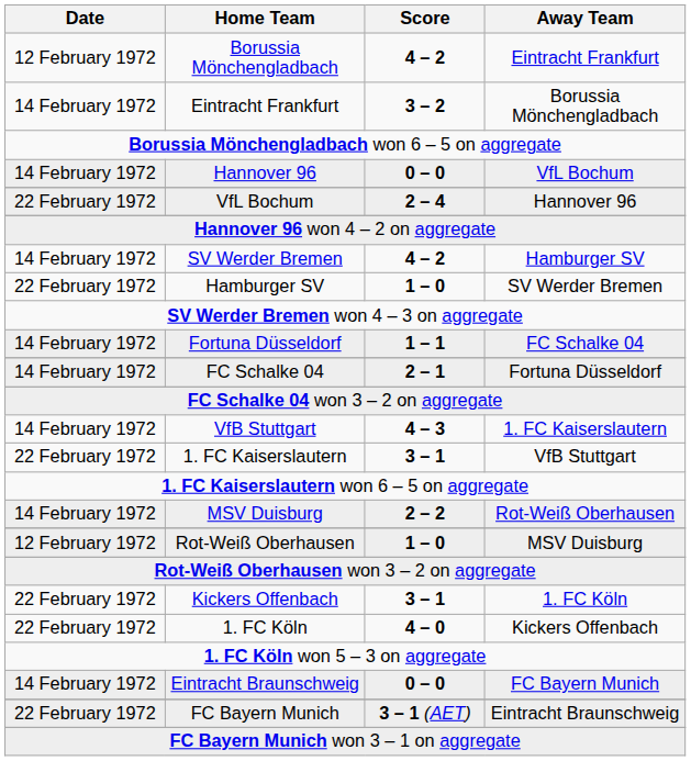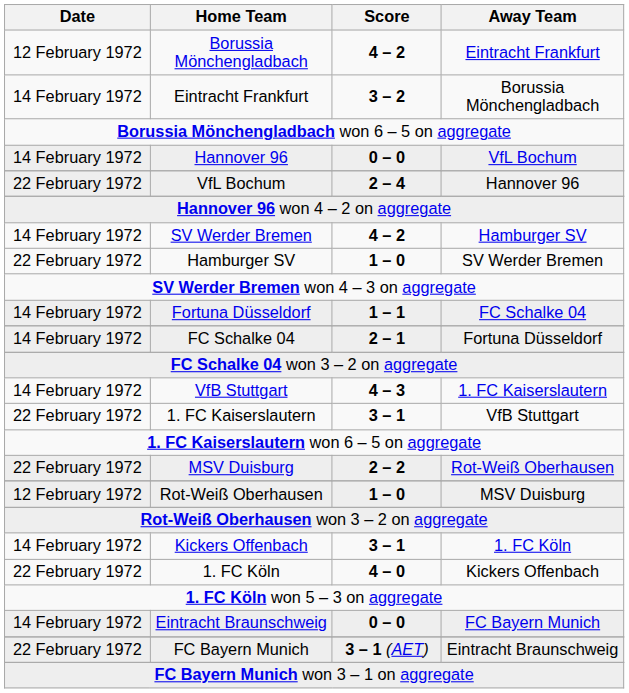 <table class="wikitable" style="text-align: center;">
 <tr>
 <th width=20%>Date</th>
 <th width=25%>Home Team</th>
 <th width=15%>Score</th>
 <th width=25%>Away Team</th>
 </tr>
 <tr>
 <td>12 February 1972</td>
 <td><a href='#'>Borussia Mönchengladbach</a></td>
 <td><strong>4 – 2</strong></td>
 <td><a href='#'>Eintracht Frankfurt</a></td>
 </tr>
 <tr>
 <td>14 February 1972</td>
 <td>Eintracht Frankfurt</td>
 <td><strong>3 – 2</strong></td>
 <td>Borussia Mönchengladbach</td>
 </tr>
 <tr>
 <td colspan=4><strong><a href='#'>Borussia Mönchengladbach</a></strong> won 6 – 5 on <a href='#'>aggregate</a></td>
 </tr>
 <tr style="background: #EEEEEE;">
 <td>14 February 1972</td>
 <td><a href='#'>Hannover 96</a></td>
 <td><strong>0 – 0</strong></td>
 <td><a href='#'>VfL Bochum</a></td>
 </tr>
 <tr>
 </tr>
 <tr style="background: #EEEEEE;">
 <td>22 February 1972</td>
 <td>VfL Bochum</td>
 <td><strong>2 – 4</strong></td>
 <td>Hannover 96</td>
 </tr>
 <tr>
 </tr>
 <tr style="background: #EEEEEE;">
 <td colspan=4><strong><a href='#'>Hannover 96</a></strong> won 4 – 2 on <a href='#'>aggregate</a></td>
 </tr>
 <tr>
 <td>14 February 1972</td>
 <td><a href='#'>SV Werder Bremen</a></td>
 <td><strong>4 – 2</strong></td>
 <td><a href='#'>Hamburger SV</a></td>
 </tr>
 <tr>
 <td>22 February 1972</td>
 <td>Hamburger SV</td>
 <td><strong>1 – 0</strong></td>
 <td>SV Werder Bremen</td>
 </tr>
 <tr>
 <td colspan=4><strong><a href='#'>SV Werder Bremen</a></strong> won 4 – 3 on <a href='#'>aggregate</a></td>
 </tr>
 <tr style="background: #EEEEEE;">
 <td>14 February 1972</td>
 <td><a href='#'>Fortuna Düsseldorf</a></td>
 <td><strong>1 – 1</strong></td>
 <td><a href='#'>FC Schalke 04</a></td>
 </tr>
 <tr>
 </tr>
 <tr style="background: #EEEEEE;">
 <td>14 February 1972</td>
 <td>FC Schalke 04</td>
 <td><strong>2 – 1</strong></td>
 <td>Fortuna Düsseldorf</td>
 </tr>
 <tr>
 </tr>
 <tr style="background: #EEEEEE;">
 <td colspan=4><strong><a href='#'>FC Schalke 04</a></strong> won 3 – 2 on <a href='#'>aggregate</a></td>
 </tr>
 <tr>
 <td>14 February 1972</td>
 <td><a href='#'>VfB Stuttgart</a></td>
 <td><strong>4 – 3</strong></td>
 <td><a href='#'>1. FC Kaiserslautern</a></td>
 </tr>
 <tr>
 <td>22 February 1972</td>
 <td>1. FC Kaiserslautern</td>
 <td><strong>3 – 1</strong></td>
 <td>VfB Stuttgart</td>
 </tr>
 <tr>
 <td colspan=4><strong><a href='#'>1. FC Kaiserslautern</a></strong> won 6 – 5 on <a href='#'>aggregate</a></td>
 </tr>
 <tr style="background: #EEEEEE;">
-<td>14 February 1972</td>
+<td>22 February 1972</td>
 <td><a href='#'>MSV Duisburg</a></td>
 <td><strong>2 – 2</strong></td>
 <td><a href='#'>Rot-Weiß Oberhausen</a></td>
 </tr>
 <tr>
 </tr>
 <tr style="background: #EEEEEE;">
 <td>12 February 1972</td>
 <td>Rot-Weiß Oberhausen</td>
 <td><strong>1 – 0</strong></td>
 <td>MSV Duisburg</td>
 </tr>
 <tr>
 </tr>
 <tr style="background: #EEEEEE;">
 <td colspan=4><strong><a href='#'>Rot-Weiß Oberhausen</a></strong> won 3 – 2 on <a href='#'>aggregate</a></td>
 </tr>
 <tr>
-<td>22 February 1972</td>
+<td>14 February 1972</td>
 <td><a href='#'>Kickers Offenbach</a></td>
 <td><strong>3 – 1</strong></td>
 <td><a href='#'>1. FC Köln</a></td>
 </tr>
 <tr>
 <td>22 February 1972</td>
 <td>1. FC Köln</td>
 <td><strong>4 – 0</strong></td>
 <td>Kickers Offenbach</td>
 </tr>
 <tr>
 <td colspan=4><strong><a href='#'>1. FC Köln</a></strong> won 5 – 3 on <a href='#'>aggregate</a></td>
 </tr>
 <tr style="background: #EEEEEE;">
 <td>14 February 1972</td>
 <td><a href='#'>Eintracht Braunschweig</a></td>
 <td><strong>0 – 0</strong></td>
 <td><a href='#'>FC Bayern Munich</a></td>
 </tr>
 <tr>
 </tr>
 <tr style="background: #EEEEEE;">
 <td>22 February 1972</td>
 <td>FC Bayern Munich</td>
 <td><strong>3 – 1</strong> <em>(<a href='#'>AET</a>)</em></td>
 <td>Eintracht Braunschweig</td>
 </tr>
 <tr>
 </tr>
 <tr style="background: #EEEEEE;">
 <td colspan=4><strong><a href='#'>FC Bayern Munich</a></strong> won 3 – 1 on <a href='#'>aggregate</a></td>
 </tr>
 </table>
